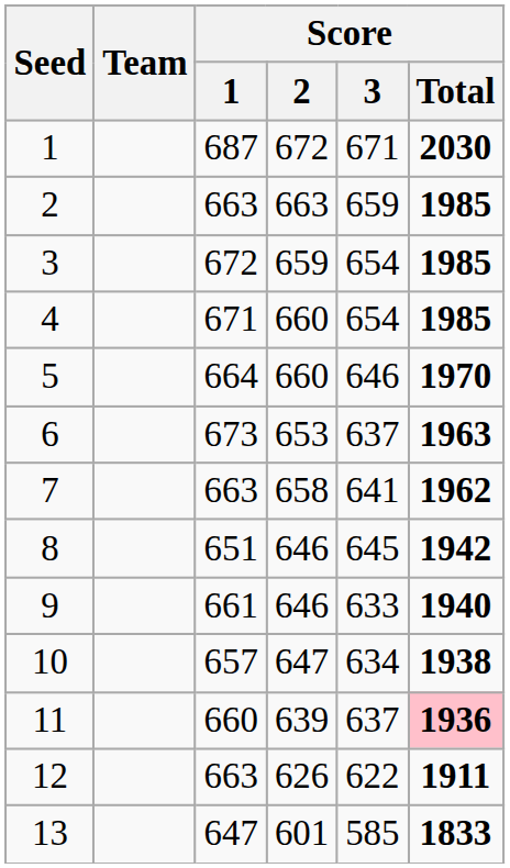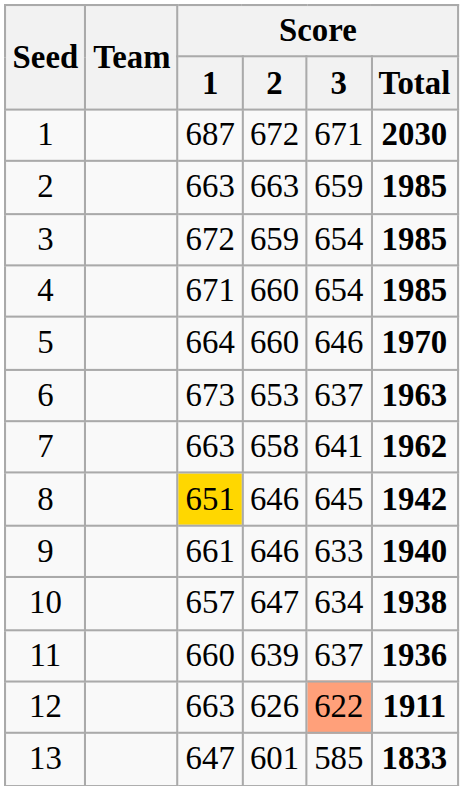 <table class="wikitable sortable" style="text-align:center">
 <tr>
 <th rowspan=2>Seed</th>
 <th rowspan=2>Team</th>
 <th colspan=4>Score</th>
 </tr>
 <tr>
 <th>1</th>
 <th>2</th>
 <th>3</th>
 <th>Total</th>
 </tr>
 <tr>
 <td>1</td>
 <td align=left></td>
 <td>687</td>
 <td>672</td>
 <td>671</td>
 <td><strong>2030</strong></td>
 </tr>
 <tr>
 <td>2</td>
 <td align=left></td>
 <td>663</td>
 <td>663</td>
 <td>659</td>
 <td><strong>1985</strong></td>
 </tr>
 <tr>
 <td>3</td>
 <td align=left></td>
 <td>672</td>
 <td>659</td>
 <td>654</td>
 <td><strong>1985</strong></td>
 </tr>
 <tr>
 <td>4</td>
 <td align=left></td>
 <td>671</td>
 <td>660</td>
 <td>654</td>
 <td><strong>1985</strong></td>
 </tr>
 <tr>
 <td>5</td>
 <td align=left></td>
 <td>664</td>
 <td>660</td>
 <td>646</td>
 <td><strong>1970</strong></td>
 </tr>
 <tr>
 <td>6</td>
 <td align=left></td>
 <td>673</td>
 <td>653</td>
 <td>637</td>
 <td><strong>1963</strong></td>
 </tr>
 <tr>
 <td>7</td>
 <td align=left></td>
 <td>663</td>
 <td>658</td>
 <td>641</td>
 <td><strong>1962</strong></td>
 </tr>
 <tr>
 <td>8</td>
 <td align=left></td>
-<td>651</td>
+<td style="background: gold;">651</td>
 <td>646</td>
 <td>645</td>
 <td><strong>1942</strong></td>
 </tr>
 <tr>
 <td>9</td>
 <td align=left></td>
 <td>661</td>
 <td>646</td>
 <td>633</td>
 <td><strong>1940</strong></td>
 </tr>
 <tr>
 <td>10</td>
 <td align=left></td>
 <td>657</td>
 <td>647</td>
 <td>634</td>
 <td><strong>1938</strong></td>
 </tr>
 <tr>
 <td>11</td>
 <td align=left></td>
 <td>660</td>
 <td>639</td>
 <td>637</td>
-<td style="background: pink;"><strong>1936</strong></td>
+<td><strong>1936</strong></td>
 </tr>
 <tr>
 <td>12</td>
 <td align=left></td>
 <td>663</td>
 <td>626</td>
-<td>622</td>
+<td style="background: lightsalmon;">622</td>
 <td><strong>1911</strong></td>
 </tr>
 <tr>
 <td>13</td>
 <td align=left></td>
 <td>647</td>
 <td>601</td>
 <td>585</td>
 <td><strong>1833</strong></td>
 </tr>
 </table>
